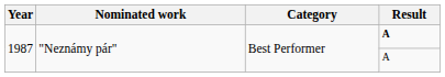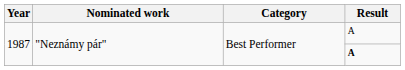 <table class="wikitable">
 <tr>
 <th width="32">Year</th>
 <th width="257">Nominated work</th>
 <th width="162">Category</th>
 <th width="69">Result</th>
 </tr>
 <tr>
 <td rowspan="2">1987</td>
 <td rowspan="2">"Neznámy pár"</td>
 <td rowspan="2">Best Performer</td>
+<td><sup>A</sup></td>
+</tr>
+<tr>
 <td><strong><sup>A</sup></strong></td>
 </tr>
-<tr>
-<td><sup>A</sup></td>
-</tr>
 </table>
